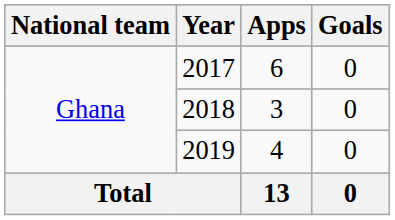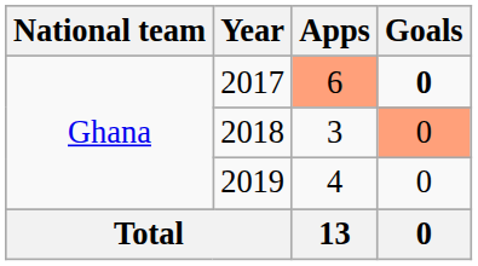 <table class="wikitable" style="text-align:center">
 <tr>
 <th>National team</th>
 <th>Year</th>
 <th>Apps</th>
 <th>Goals</th>
 </tr>
 <tr>
 <td rowspan="3"><a href='#'>Ghana</a></td>
 <td>2017</td>
-<td>6</td>
-<td>0</td>
+<td style="background: lightsalmon;">6</td>
+<td><strong>0</strong></td>
 </tr>
 <tr>
 <td>2018</td>
 <td>3</td>
-<td>0</td>
+<td style="background: lightsalmon;">0</td>
 </tr>
 <tr>
 <td>2019</td>
 <td>4</td>
 <td>0</td>
 </tr>
 <tr>
 <th colspan="2">Total</th>
 <th>13</th>
 <th>0</th>
 </tr>
 </table>
